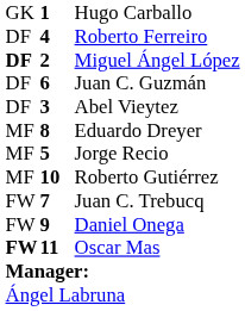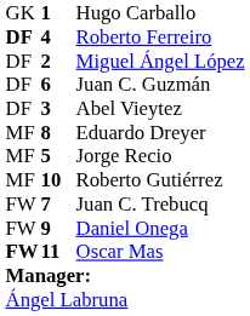 <table cellspacing="0" cellpadding="0" style="font-size:90%; margin:0.2em auto;">
 <tr>
 <th width="25"></th>
 <th width="25"></th>
 </tr>
 <tr>
 <td>GK</td>
 <td><strong>1</strong></td>
 <td> Hugo Carballo</td>
 </tr>
 <tr>
-<td>DF</td>
+<td><strong>DF</strong></td>
 <td><strong>4</strong></td>
 <td> <a href='#'>Roberto Ferreiro</a></td>
 </tr>
 <tr>
-<td><strong>DF</strong></td>
+<td>DF</td>
 <td><strong>2</strong></td>
 <td> <a href='#'>Miguel Ángel López</a></td>
 </tr>
 <tr>
 <td>DF</td>
 <td><strong>6</strong></td>
 <td> Juan C. Guzmán</td>
 </tr>
 <tr>
 <td>DF</td>
 <td><strong>3</strong></td>
 <td> Abel Vieytez</td>
 </tr>
 <tr>
 <td>MF</td>
 <td><strong>8</strong></td>
 <td> Eduardo Dreyer</td>
 </tr>
 <tr>
 <td>MF</td>
 <td><strong>5</strong></td>
 <td> Jorge Recio</td>
 </tr>
 <tr>
 <td>MF</td>
 <td><strong>10</strong></td>
 <td> Roberto Gutiérrez</td>
 </tr>
 <tr>
 <td>FW</td>
 <td><strong>7</strong></td>
 <td> Juan C. Trebucq</td>
 </tr>
 <tr>
 <td>FW</td>
 <td><strong>9</strong></td>
 <td> <a href='#'>Daniel Onega</a></td>
 </tr>
 <tr>
 <td><strong>FW</strong></td>
 <td><strong>11</strong></td>
 <td> <a href='#'>Oscar Mas</a></td>
 </tr>
 <tr>
 <td colspan=3><strong>Manager:</strong></td>
 </tr>
 <tr>
 <td colspan=4> <a href='#'>Ángel Labruna</a></td>
 </tr>
 </table>
